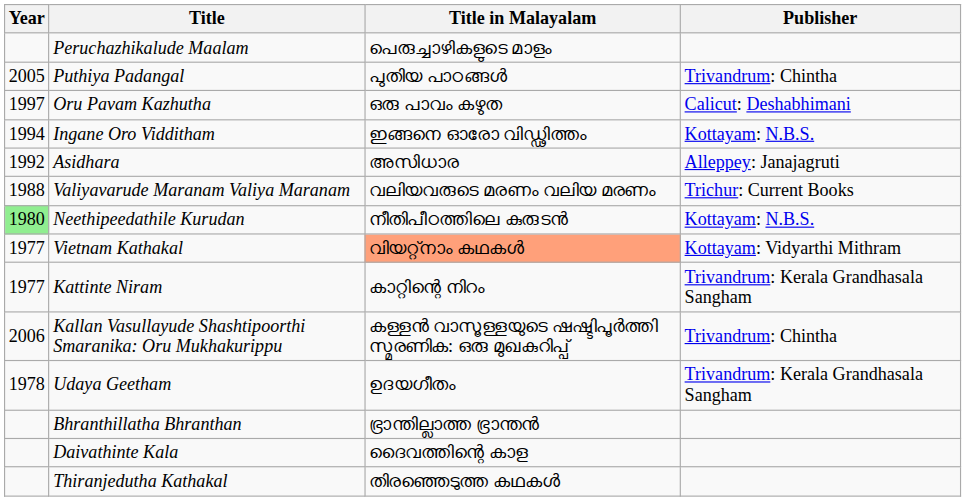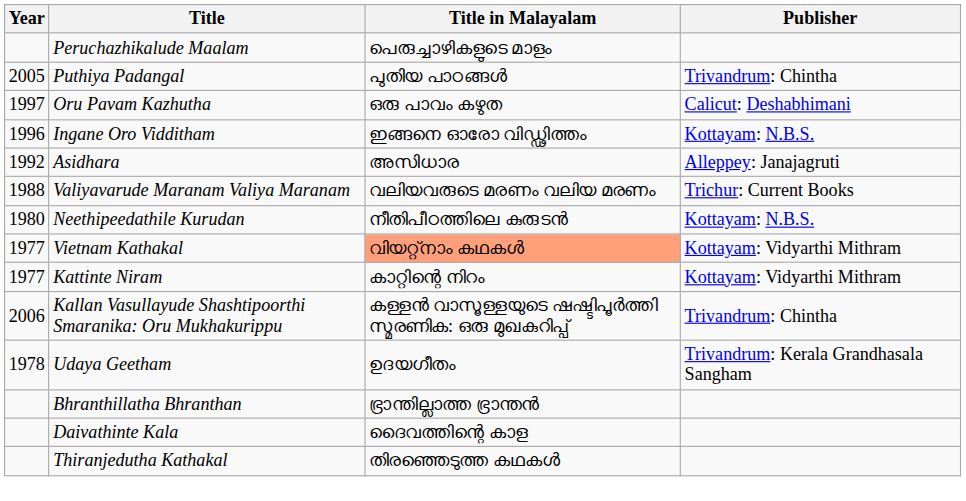 <table class="wikitable">
 <tr>
 <th>Year</th>
 <th ! style=width:17em>Title</th>
 <th ! style=width:17em>Title in Malayalam</th>
 <th ! style=width:15em>Publisher</th>
 </tr>
 <tr>
 <td></td>
 <td><em>Peruchazhikalude Maalam</em></td>
 <td>പെരുച്ചാഴികളുടെ മാളം</td>
 <td></td>
 </tr>
 <tr>
 <td>2005</td>
 <td><em>Puthiya Padangal</em></td>
 <td>പുതിയ പാഠങ്ങള്‍</td>
 <td><a href='#'>Trivandrum</a>: Chintha</td>
 </tr>
 <tr>
 <td>1997</td>
 <td><em>Oru Pavam Kazhutha</em></td>
 <td>ഒരു പാവം കഴുത</td>
 <td><a href='#'>Calicut</a>: <a href='#'>Deshabhimani</a></td>
 </tr>
 <tr>
-<td>1994</td>
+<td>1996</td>
 <td><em>Ingane Oro Vidditham</em></td>
 <td>ഇങ്ങനെ ഓരോ വിഡ്ഢിത്തം</td>
 <td><a href='#'>Kottayam</a>: <a href='#'>N.B.S.</a></td>
 </tr>
 <tr>
 <td>1992</td>
 <td><em>Asidhara</em></td>
 <td>അസിധാര</td>
 <td><a href='#'>Alleppey</a>: Janajagruti</td>
 </tr>
 <tr>
 <td>1988</td>
 <td><em>Valiyavarude Maranam Valiya Maranam</em></td>
 <td>വലിയവരുടെ മരണം വലിയ മരണം</td>
 <td><a href='#'>Trichur</a>: Current Books</td>
 </tr>
 <tr>
-<td style="background: lightgreen;">1980</td>
+<td>1980</td>
 <td><em>Neethipeedathile Kurudan</em></td>
 <td>നീതിപീഠത്തിലെ കുരുടന്‍</td>
 <td><a href='#'>Kottayam</a>: <a href='#'>N.B.S.</a></td>
 </tr>
 <tr>
 <td>1977</td>
 <td><em>Vietnam Kathakal</em></td>
 <td style="background: lightsalmon;">വിയറ്റ്നാം കഥകള്‍</td>
 <td><a href='#'>Kottayam</a>: Vidyarthi Mithram</td>
 </tr>
 <tr>
 <td>1977</td>
 <td><em>Kattinte Niram</em></td>
 <td>കാറ്റിന്റെ നിറം</td>
-<td><a href='#'>Trivandrum</a>: Kerala Grandhasala Sangham</td>
+<td><a href='#'>Kottayam</a>: Vidyarthi Mithram</td>
 </tr>
 <tr>
 <td>2006</td>
 <td><em>Kallan Vasullayude Shashtipoorthi Smaranika: Oru Mukhakurippu</em></td>
 <td>കള്ളന്‍ വാസൂള്ളയുടെ ഷഷ്ടിപൂര്‍ത്തി സ്മരണിക: ഒരു മുഖകുറിപ്പ്</td>
 <td><a href='#'>Trivandrum</a>: Chintha</td>
 </tr>
 <tr>
 <td>1978</td>
 <td><em>Udaya Geetham</em></td>
 <td>ഉദയഗീതം</td>
 <td><a href='#'>Trivandrum</a>: Kerala Grandhasala Sangham</td>
 </tr>
 <tr>
 <td></td>
 <td><em>Bhranthillatha Bhranthan</em></td>
 <td>ഭ്രാന്തില്ലാത്ത ഭ്രാന്തന്‍</td>
 <td></td>
 </tr>
 <tr>
 <td></td>
 <td><em>Daivathinte Kala</em></td>
 <td>ദൈവത്തിന്റെ കാള</td>
 <td></td>
 </tr>
 <tr>
 <td></td>
 <td><em>Thiranjedutha Kathakal</em></td>
 <td>തിരഞ്ഞെടുത്ത കഥകള്‍</td>
 <td></td>
 </tr>
 </table>
